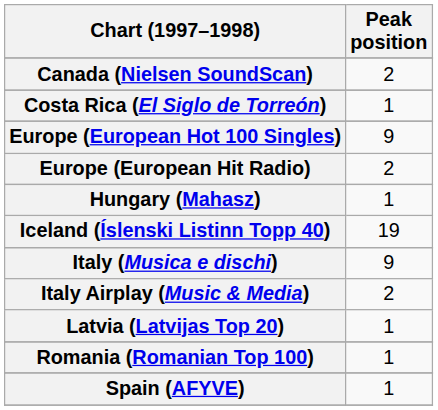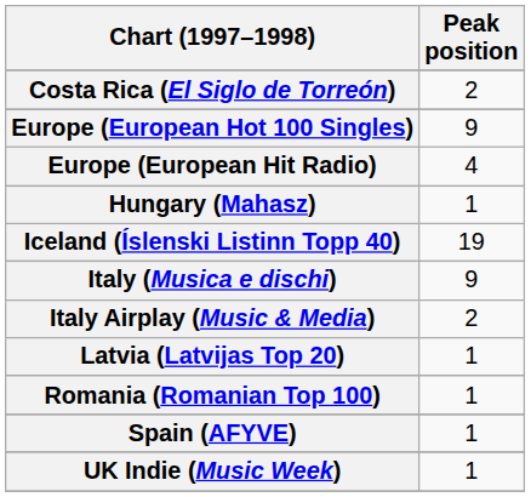 <table class="wikitable sortable plainrowheaders" style="text-align:center">
 <tr>
 <th scope="col">Chart (1997–1998)</th>
 <th scope="col">Peak<br>position</th>
 </tr>
 <tr>
 </tr>
 <tr>
 </tr>
 <tr>
 </tr>
 <tr>
 </tr>
 <tr>
 </tr>
 <tr>
-<th scope="row">Canada (<a href='#'>Nielsen SoundScan</a>)</th>
-<td>2</td>
-</tr>
-<tr>
 </tr>
 <tr>
 </tr>
 <tr>
 <th scope="row">Costa Rica (<em><a href='#'>El Siglo de Torreón</a></em>)</th>
-<td>1</td>
+<td>2</td>
 </tr>
 <tr>
 </tr>
 <tr>
 <th scope="row">Europe (<a href='#'>European Hot 100 Singles</a>)</th>
 <td>9</td>
 </tr>
 <tr>
 <th scope="row">Europe (European Hit Radio)</th>
-<td>2</td>
+<td>4</td>
 </tr>
 <tr>
 </tr>
 <tr>
 </tr>
 <tr>
 </tr>
 <tr>
 <th scope="row">Hungary (<a href='#'>Mahasz</a>)</th>
 <td>1</td>
 </tr>
 <tr>
 <th scope="row">Iceland (<a href='#'>Íslenski Listinn Topp 40</a>)</th>
 <td>19</td>
 </tr>
 <tr>
 </tr>
 <tr>
 <th scope="row">Italy (<em><a href='#'>Musica e dischi</a></em>)</th>
 <td>9</td>
 </tr>
 <tr>
 <th scope="row">Italy Airplay (<em><a href='#'>Music & Media</a></em>)</th>
 <td>2</td>
 </tr>
 <tr>
 <th scope="row">Latvia (<a href='#'>Latvijas Top 20</a>)</th>
 <td>1</td>
 </tr>
 <tr>
 </tr>
 <tr>
 </tr>
 <tr>
 </tr>
 <tr>
 </tr>
 <tr>
 <th scope="row">Romania (<a href='#'>Romanian Top 100</a>)</th>
 <td>1</td>
 </tr>
 <tr>
 </tr>
 <tr>
 <th scope="row">Spain (<a href='#'>AFYVE</a>)</th>
 <td>1</td>
 </tr>
 <tr>
 </tr>
 <tr>
 </tr>
 <tr>
 </tr>
 <tr>
+<th scope="row">UK Indie (<em><a href='#'>Music Week</a></em>)</th>
+<td align=center>1</td>
+</tr>
+<tr>
 </tr>
 <tr>
 </tr>
 <tr>
 </tr>
 </table>
